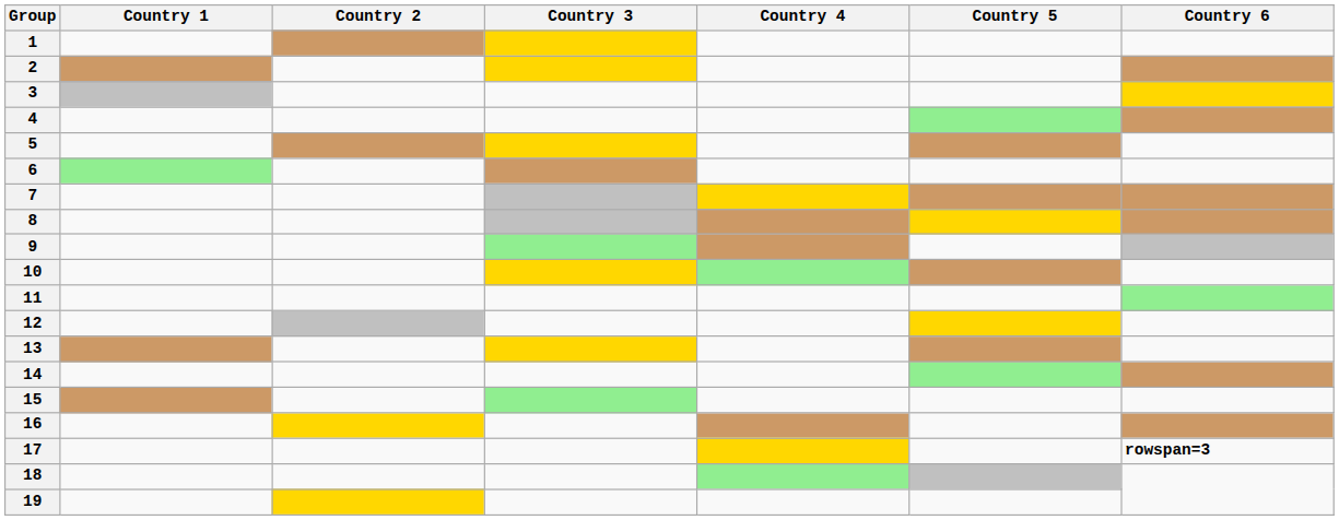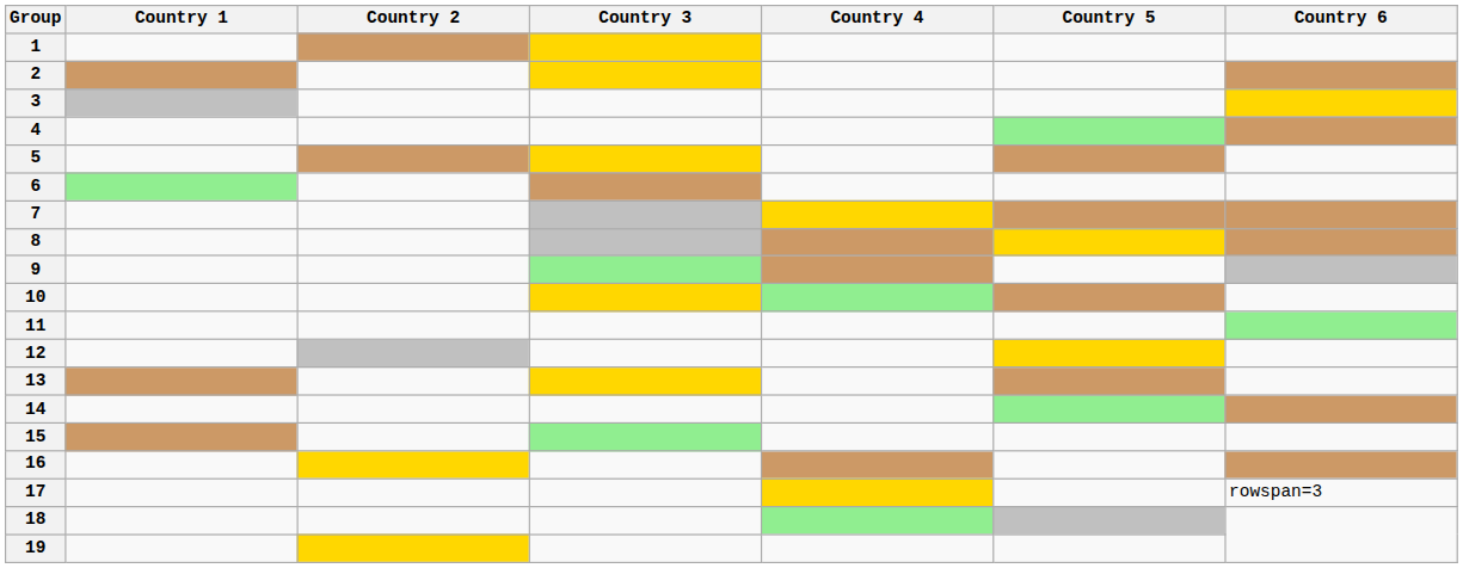 <table class="wikitable sortable" style="font-size: 95%;">
 <tr>
 <th>Group</th>
 <th width="160">Country 1</th>
 <th width="160">Country 2</th>
 <th width="160">Country 3</th>
 <th width="160">Country 4</th>
 <th width="160">Country 5</th>
 <th width="160">Country 6</th>
 </tr>
 <tr>
 <th>1</th>
 <td></td>
 <td bgcolor="#cc9966"></td>
 <td bgcolor="gold"></td>
 <td></td>
 <td></td>
 <td></td>
 </tr>
 <tr>
 <th>2</th>
 <td bgcolor="#cc9966"></td>
 <td></td>
 <td bgcolor="gold"></td>
 <td></td>
 <td></td>
 <td bgcolor="#cc9966"></td>
 </tr>
 <tr>
 <th>3</th>
 <td bgcolor="silver"></td>
 <td></td>
 <td></td>
 <td></td>
 <td></td>
 <td bgcolor="gold"></td>
 </tr>
 <tr>
 <th>4</th>
 <td></td>
 <td></td>
 <td></td>
 <td></td>
 <td bgcolor="lightgreen"></td>
 <td bgcolor="#cc9966"></td>
 </tr>
 <tr>
 <th>5</th>
 <td></td>
 <td bgcolor="#cc9966"></td>
 <td bgcolor="gold"></td>
 <td></td>
 <td bgcolor="#cc9966"></td>
 <td></td>
 </tr>
 <tr>
 <th>6</th>
 <td bgcolor="lightgreen"></td>
 <td></td>
 <td bgcolor="#cc9966"></td>
 <td></td>
 <td></td>
 <td></td>
 </tr>
 <tr>
 <th>7</th>
 <td></td>
 <td></td>
 <td bgcolor="silver"></td>
 <td bgcolor="gold"></td>
 <td bgcolor="#cc9966"></td>
 <td bgcolor="#cc9966"></td>
 </tr>
 <tr>
 <th>8</th>
 <td></td>
 <td></td>
 <td bgcolor="silver"></td>
 <td bgcolor="#cc9966"></td>
 <td bgcolor="gold"></td>
 <td bgcolor="#cc9966"></td>
 </tr>
 <tr>
 <th>9</th>
 <td></td>
 <td></td>
 <td bgcolor="lightgreen"></td>
 <td bgcolor="#cc9966"></td>
 <td></td>
 <td bgcolor="silver"></td>
 </tr>
 <tr>
 <th>10</th>
 <td></td>
 <td></td>
 <td bgcolor="gold"></td>
 <td bgcolor="lightgreen"></td>
 <td bgcolor="#cc9966"></td>
 <td></td>
 </tr>
 <tr>
 <th>11</th>
 <td></td>
 <td></td>
 <td></td>
 <td></td>
 <td></td>
 <td bgcolor="lightgreen"></td>
 </tr>
 <tr>
 <th>12</th>
 <td></td>
 <td bgcolor="silver"></td>
 <td></td>
 <td></td>
 <td bgcolor="gold"></td>
 <td></td>
 </tr>
 <tr>
 <th>13</th>
 <td bgcolor="#cc9966"></td>
 <td></td>
 <td bgcolor="gold"></td>
 <td></td>
 <td bgcolor="#cc9966"></td>
 <td></td>
 </tr>
 <tr>
 <th>14</th>
 <td></td>
 <td></td>
 <td></td>
 <td></td>
 <td bgcolor="lightgreen"></td>
 <td bgcolor="#cc9966"></td>
 </tr>
 <tr>
 <th>15</th>
 <td bgcolor="#cc9966"></td>
 <td></td>
 <td bgcolor="lightgreen"></td>
 <td></td>
 <td></td>
 <td></td>
 </tr>
 <tr>
 <th>16</th>
 <td></td>
 <td bgcolor="gold"></td>
 <td></td>
 <td bgcolor="#cc9966"></td>
 <td></td>
 <td bgcolor="#cc9966"></td>
 </tr>
 <tr>
 <th>17</th>
 <td></td>
 <td></td>
 <td></td>
 <td bgcolor="gold"></td>
 <td></td>
-<td><strong>rowspan=3 </strong></td>
+<td>rowspan=3 </td>
 </tr>
 <tr>
 <th>18</th>
 <td></td>
 <td></td>
 <td></td>
 <td bgcolor="lightgreen"></td>
 <td bgcolor="silver"></td>
 </tr>
 <tr>
 <th>19</th>
 <td></td>
 <td bgcolor="gold"></td>
 <td></td>
 <td></td>
 <td></td>
 </tr>
 </table>
